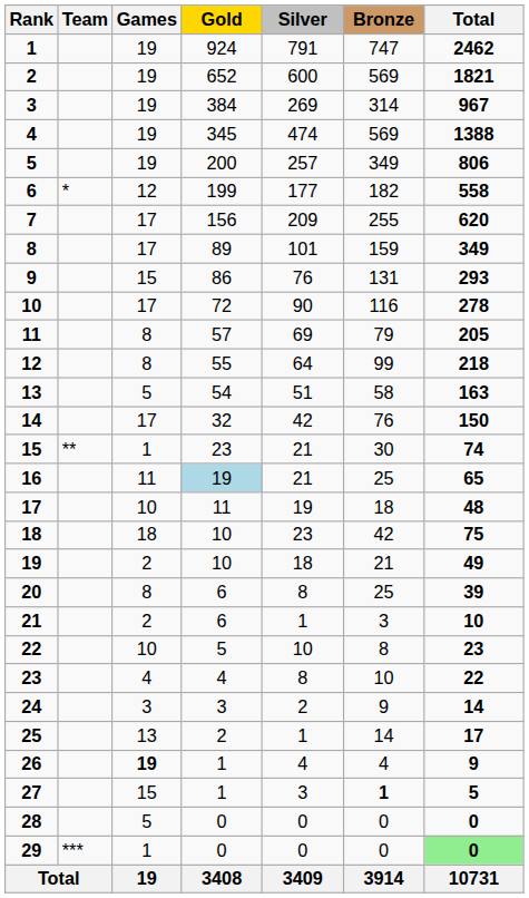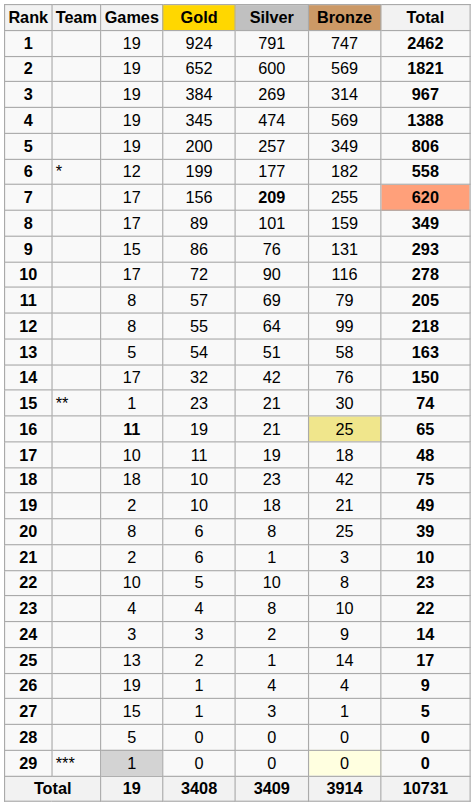 <table class="wikitable sortable" style="margin-top:0em; text-align:center; font-size:90%">
 <tr>
 <th>Rank</th>
 <th>Team</th>
 <th>Games</th>
 <th style="background-color:gold; width:4em;">Gold</th>
 <th style="background-color:silver; width:4em;">Silver</th>
 <th style="background-color:#cc9966; width:4em;">Bronze</th>
 <th style="width:5em;">Total</th>
 </tr>
 <tr>
 <td rowspan="1"><strong>1</strong></td>
 <td align=left></td>
 <td>19</td>
 <td>924</td>
 <td>791</td>
 <td>747</td>
 <td><strong>2462</strong></td>
 </tr>
 <tr>
 <td rowspan="1"><strong>2</strong></td>
 <td align=left></td>
 <td>19</td>
 <td>652</td>
 <td>600</td>
 <td>569</td>
 <td><strong>1821</strong></td>
 </tr>
 <tr>
 <td rowspan="1"><strong>3</strong></td>
 <td align=left></td>
 <td>19</td>
 <td>384</td>
 <td>269</td>
 <td>314</td>
 <td><strong>967</strong></td>
 </tr>
 <tr>
 <td rowspan="1"><strong>4</strong></td>
 <td align=left></td>
 <td>19</td>
 <td>345</td>
 <td>474</td>
 <td>569</td>
 <td><strong>1388</strong></td>
 </tr>
 <tr>
 <td rowspan="1"><strong>5</strong></td>
 <td align=left></td>
 <td>19</td>
 <td>200</td>
 <td>257</td>
 <td>349</td>
 <td><strong>806</strong></td>
 </tr>
 <tr>
 <td rowspan="1"><strong>6</strong></td>
 <td align=left>*</td>
 <td>12</td>
 <td>199</td>
 <td>177</td>
 <td>182</td>
 <td><strong>558</strong></td>
 </tr>
 <tr>
 <td rowspan="1"><strong>7</strong></td>
 <td align=left></td>
 <td>17</td>
 <td>156</td>
-<td>209</td>
+<td><strong>209</strong></td>
 <td>255</td>
-<td><strong>620</strong></td>
+<td style="background: lightsalmon;"><strong>620</strong></td>
 </tr>
 <tr>
 <td rowspan="1"><strong>8</strong></td>
 <td align=left></td>
 <td>17</td>
 <td>89</td>
 <td>101</td>
 <td>159</td>
 <td><strong>349</strong></td>
 </tr>
 <tr>
 <td rowspan="1"><strong>9</strong></td>
 <td align=left></td>
 <td>15</td>
 <td>86</td>
 <td>76</td>
 <td>131</td>
 <td><strong>293</strong></td>
 </tr>
 <tr>
 <td rowspan="1"><strong>10</strong></td>
 <td align=left></td>
 <td>17</td>
 <td>72</td>
 <td>90</td>
 <td>116</td>
 <td><strong>278</strong></td>
 </tr>
 <tr>
 <td rowspan="1"><strong>11</strong></td>
 <td align=left></td>
 <td>8</td>
 <td>57</td>
 <td>69</td>
 <td>79</td>
 <td><strong>205</strong></td>
 </tr>
 <tr>
 <td rowspan="1"><strong>12</strong></td>
 <td align=left></td>
 <td>8</td>
 <td>55</td>
 <td>64</td>
 <td>99</td>
 <td><strong>218</strong></td>
 </tr>
 <tr>
 <td rowspan="1"><strong>13</strong></td>
 <td align=left></td>
 <td>5</td>
 <td>54</td>
 <td>51</td>
 <td>58</td>
 <td><strong>163</strong></td>
 </tr>
 <tr>
 <td rowspan="1"><strong>14</strong></td>
 <td align=left></td>
 <td>17</td>
 <td>32</td>
 <td>42</td>
 <td>76</td>
 <td><strong>150</strong></td>
 </tr>
 <tr>
 <td rowspan="1"><strong>15</strong></td>
 <td align=left>**</td>
 <td>1</td>
 <td>23</td>
 <td>21</td>
 <td>30</td>
 <td><strong>74</strong></td>
 </tr>
 <tr>
 <td rowspan="1"><strong>16</strong></td>
 <td align=left></td>
-<td>11</td>
-<td style="background: lightblue;">19</td>
+<td><strong>11</strong></td>
+<td>19</td>
 <td>21</td>
-<td>25</td>
+<td style="background: khaki;">25</td>
 <td><strong>65</strong></td>
 </tr>
 <tr>
 <td rowspan="1"><strong>17</strong></td>
 <td align=left></td>
 <td>10</td>
 <td>11</td>
 <td>19</td>
 <td>18</td>
 <td><strong>48</strong></td>
 </tr>
 <tr>
 <td rowspan="1"><strong>18</strong></td>
 <td align=left></td>
 <td>18</td>
 <td>10</td>
 <td>23</td>
 <td>42</td>
 <td><strong>75</strong></td>
 </tr>
 <tr>
 <td rowspan="1"><strong>19</strong></td>
 <td align=left></td>
 <td>2</td>
 <td>10</td>
 <td>18</td>
 <td>21</td>
 <td><strong>49</strong></td>
 </tr>
 <tr>
 <td rowspan="1"><strong>20</strong></td>
 <td align=left></td>
 <td>8</td>
 <td>6</td>
 <td>8</td>
 <td>25</td>
 <td><strong>39</strong></td>
 </tr>
 <tr>
 <td rowspan="1"><strong>21</strong></td>
 <td align=left></td>
 <td>2</td>
 <td>6</td>
 <td>1</td>
 <td>3</td>
 <td><strong>10</strong></td>
 </tr>
 <tr>
 <td rowspan="1"><strong>22</strong></td>
 <td align=left></td>
 <td>10</td>
 <td>5</td>
 <td>10</td>
 <td>8</td>
 <td><strong>23</strong></td>
 </tr>
 <tr>
 <td rowspan="1"><strong>23</strong></td>
 <td align=left></td>
 <td>4</td>
 <td>4</td>
 <td>8</td>
 <td>10</td>
 <td><strong>22</strong></td>
 </tr>
 <tr>
 <td rowspan="1"><strong>24</strong></td>
 <td align=left></td>
 <td>3</td>
 <td>3</td>
 <td>2</td>
 <td>9</td>
 <td><strong>14</strong></td>
 </tr>
 <tr>
 <td rowspan="1"><strong>25</strong></td>
 <td align=left></td>
 <td>13</td>
 <td>2</td>
 <td>1</td>
 <td>14</td>
 <td><strong>17</strong></td>
 </tr>
 <tr>
 <td rowspan="1"><strong>26</strong></td>
 <td align=left></td>
-<td><strong>19</strong></td>
+<td>19</td>
 <td>1</td>
 <td>4</td>
 <td>4</td>
 <td><strong>9</strong></td>
 </tr>
 <tr>
 <td rowspan="1"><strong>27</strong></td>
 <td align=left></td>
 <td>15</td>
 <td>1</td>
 <td>3</td>
-<td><strong>1</strong></td>
+<td>1</td>
 <td><strong>5</strong></td>
 </tr>
 <tr>
 <td rowspan="1"><strong>28</strong></td>
 <td align=left></td>
 <td>5</td>
 <td>0</td>
 <td>0</td>
 <td>0</td>
 <td><strong>0</strong></td>
 </tr>
 <tr>
 <td rowspan="1"><strong>29</strong></td>
 <td align=left>***</td>
-<td>1</td>
+<td style="background: lightgrey;">1</td>
 <td>0</td>
 <td>0</td>
-<td>0</td>
-<td style="background: lightgreen;"><strong>0</strong></td>
+<td style="background: lightyellow;">0</td>
+<td><strong>0</strong></td>
 </tr>
 <tr>
 <th colspan="2">Total</th>
 <th>19</th>
 <th>3408</th>
 <th>3409</th>
 <th>3914</th>
 <th>10731</th>
 </tr>
 </table>
